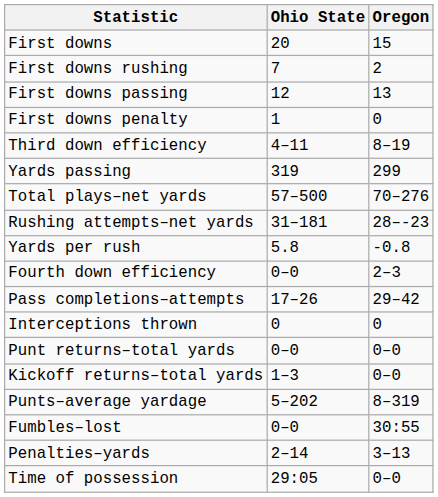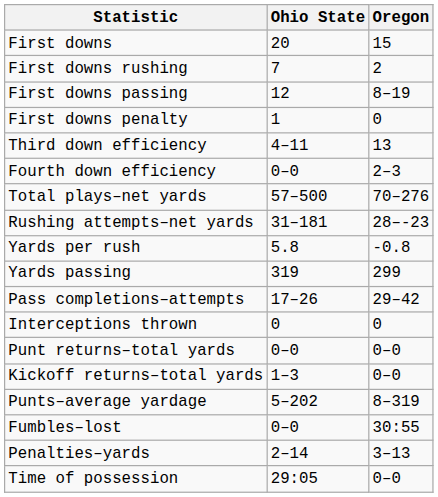 <table class="wikitable">
 <tr>
 <th>Statistic</th>
 <th><strong>Ohio State</strong></th>
 <th><strong>Oregon</strong></th>
 </tr>
 <tr>
 <td>First downs</td>
 <td>20</td>
 <td>15</td>
 </tr>
 <tr>
 <td>First downs rushing</td>
 <td>7</td>
 <td>2</td>
 </tr>
 <tr>
 <td>First downs passing</td>
 <td>12</td>
-<td>13</td>
+<td>8–19</td>
 </tr>
 <tr>
 <td>First downs penalty</td>
 <td>1</td>
 <td>0</td>
 </tr>
 <tr>
 <td>Third down efficiency</td>
 <td>4–11</td>
-<td>8–19</td>
+<td>13</td>
 </tr>
 <tr>
-<td>Yards passing</td>
-<td>319</td>
-<td>299</td>
+<td>Fourth down efficiency</td>
+<td>0–0</td>
+<td>2–3</td>
 </tr>
 <tr>
 <td>Total plays–net yards</td>
 <td>57–500</td>
 <td>70–276</td>
 </tr>
 <tr>
 <td>Rushing attempts–net yards</td>
 <td>31–181</td>
 <td>28–-23</td>
 </tr>
 <tr>
 <td>Yards per rush</td>
 <td>5.8</td>
 <td>-0.8</td>
 </tr>
 <tr>
-<td>Fourth down efficiency</td>
-<td>0–0</td>
-<td>2–3</td>
+<td>Yards passing</td>
+<td>319</td>
+<td>299</td>
 </tr>
 <tr>
 <td>Pass completions–attempts</td>
 <td>17–26</td>
 <td>29–42</td>
 </tr>
 <tr>
 <td>Interceptions thrown</td>
 <td>0</td>
 <td>0</td>
 </tr>
 <tr>
 <td>Punt returns–total yards</td>
 <td>0–0</td>
 <td>0–0</td>
 </tr>
 <tr>
 <td>Kickoff returns–total yards</td>
 <td>1–3</td>
 <td>0–0</td>
 </tr>
 <tr>
 <td>Punts–average yardage</td>
 <td>5–202</td>
 <td>8–319</td>
 </tr>
 <tr>
 <td>Fumbles–lost</td>
 <td>0–0</td>
 <td>30:55</td>
 </tr>
 <tr>
 <td>Penalties–yards</td>
 <td>2–14</td>
 <td>3–13</td>
 </tr>
 <tr>
 <td>Time of possession</td>
 <td>29:05</td>
 <td>0–0</td>
 </tr>
 </table>
